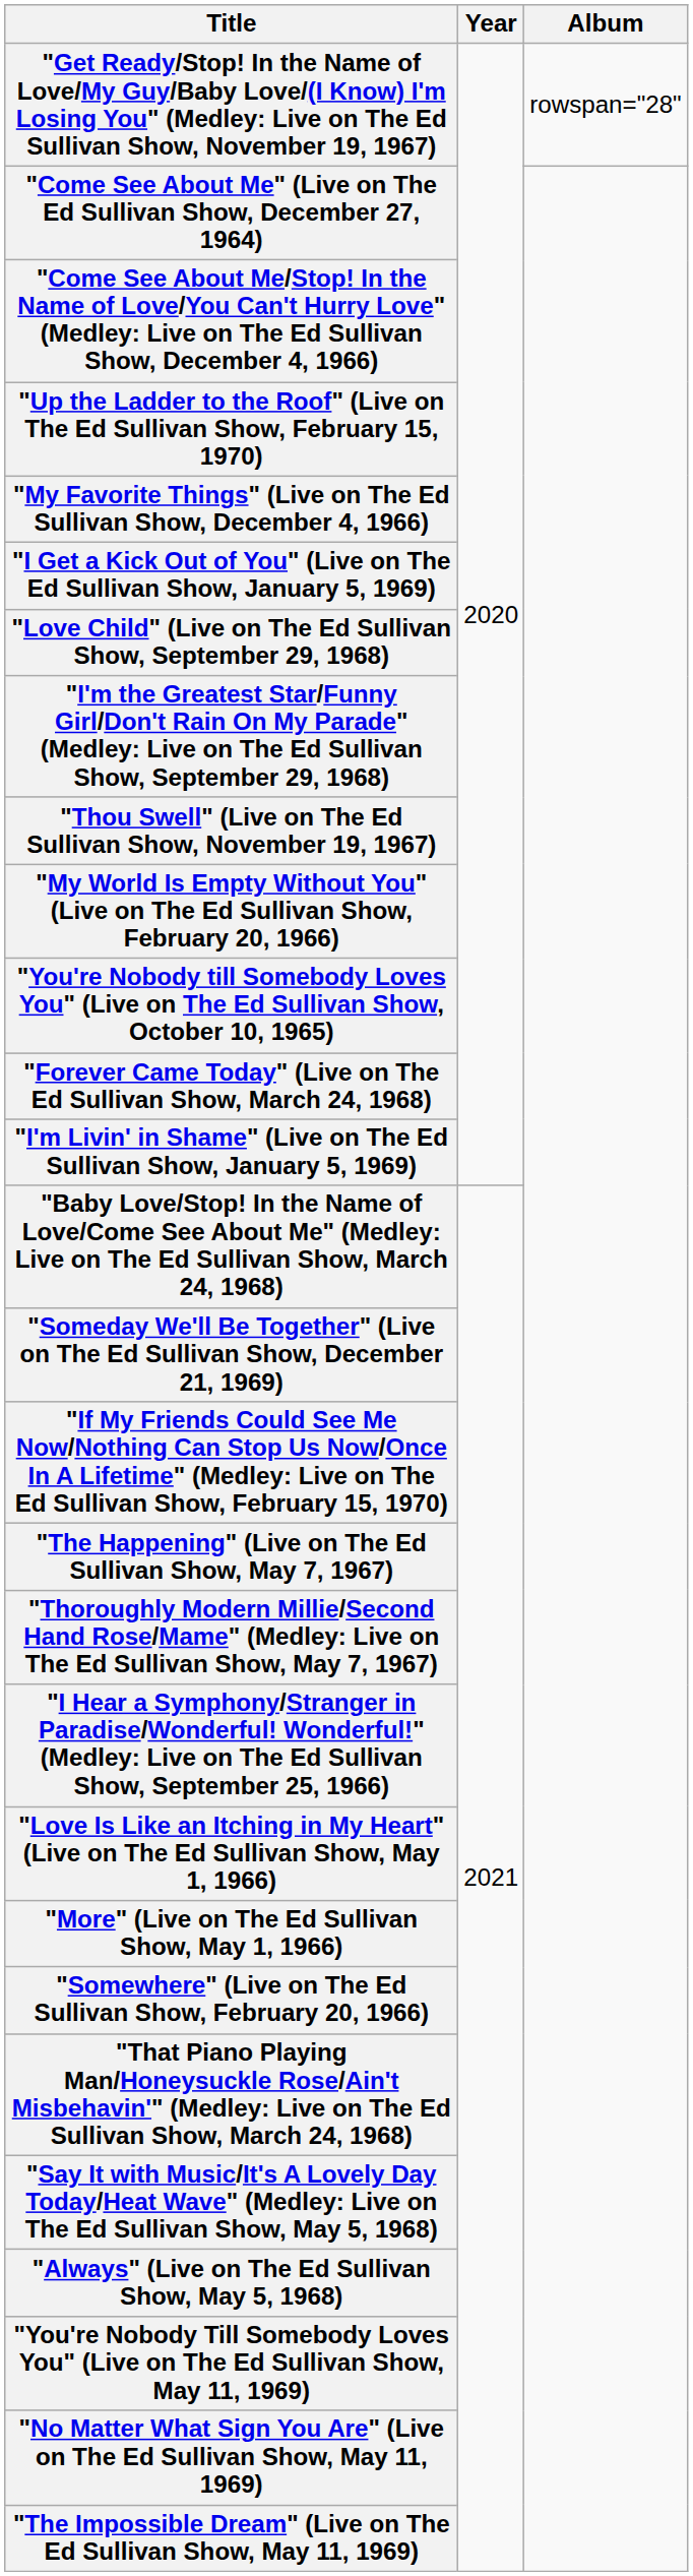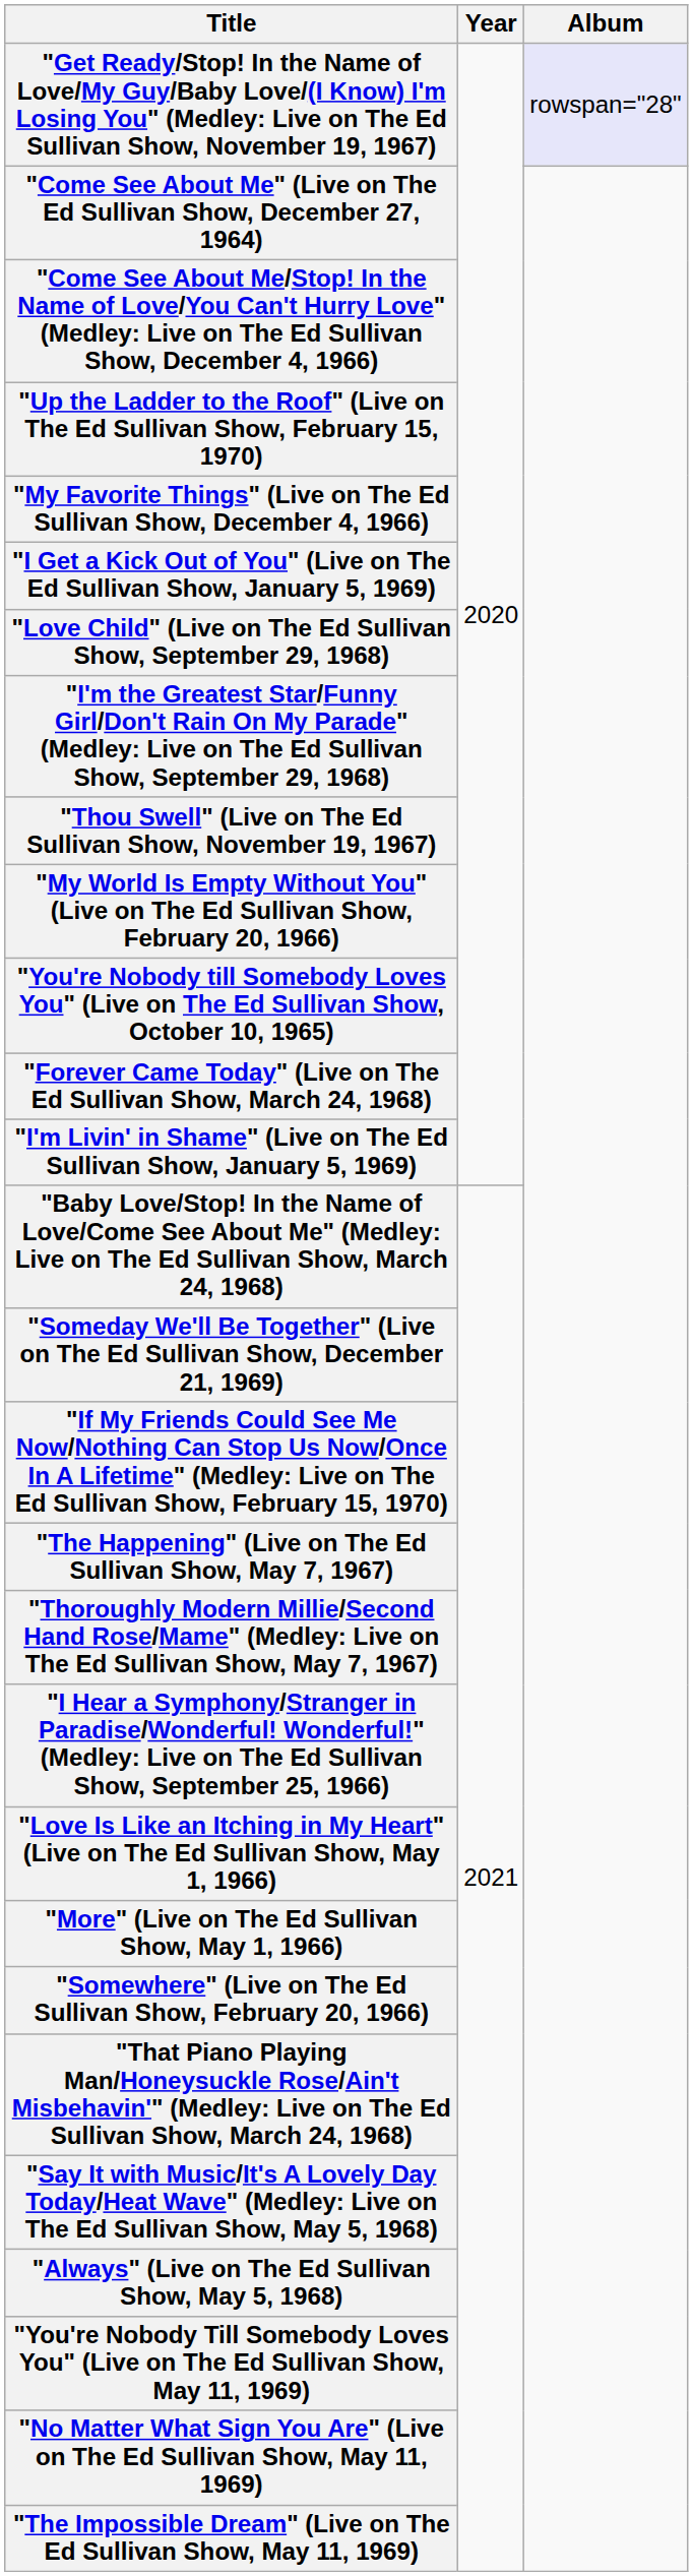 <table class="wikitable plainrowheaders" style="text-align:center;">
 <tr>
 <th scope="col" style="width:18em;">Title</th>
 <th scope="col">Year</th>
 <th scope="col">Album</th>
 </tr>
 <tr>
 <th scope="row">"<a href='#'>Get Ready</a>/Stop! In the Name of Love/<a href='#'>My Guy</a>/Baby Love/<a href='#'>(I Know) I'm Losing You</a>" (Medley: Live on The Ed Sullivan Show, November 19, 1967)</th>
 <td rowspan="13">2020</td>
-<td>rowspan="28" </td>
+<td style="background: lavender;">rowspan="28" </td>
 </tr>
 <tr>
 <th scope="row">"<a href='#'>Come See About Me</a>" (Live on The Ed Sullivan Show, December 27, 1964)</th>
 </tr>
 <tr>
 <th scope="row">"<a href='#'>Come See About Me</a>/<a href='#'>Stop! In the Name of Love</a>/<a href='#'>You Can't Hurry Love</a>" (Medley: Live on The Ed Sullivan Show, December 4, 1966)</th>
 </tr>
 <tr>
 <th scope="row">"<a href='#'>Up the Ladder to the Roof</a>" (Live on The Ed Sullivan Show, February 15, 1970)</th>
 </tr>
 <tr>
 <th scope="row">"<a href='#'>My Favorite Things</a>" (Live on The Ed Sullivan Show, December 4, 1966)</th>
 </tr>
 <tr>
 <th scope="row">"<a href='#'>I Get a Kick Out of You</a>" (Live on The Ed Sullivan Show, January 5, 1969)</th>
 </tr>
 <tr>
 <th scope="row">"<a href='#'>Love Child</a>" (Live on The Ed Sullivan Show, September 29, 1968)</th>
 </tr>
 <tr>
 <th scope="row">"<a href='#'>I'm the Greatest Star</a>/<a href='#'>Funny Girl</a>/<a href='#'>Don't Rain On My Parade</a>" (Medley: Live on The Ed Sullivan Show, September 29, 1968)</th>
 </tr>
 <tr>
 <th scope="row">"<a href='#'>Thou Swell</a>" (Live on The Ed Sullivan Show, November 19, 1967)</th>
 </tr>
 <tr>
 <th scope="row">"<a href='#'>My World Is Empty Without You</a>" (Live on The Ed Sullivan Show, February 20, 1966)</th>
 </tr>
 <tr>
 <th scope="row">"<a href='#'>You're Nobody till Somebody Loves You</a>" (Live on <a href='#'>The Ed Sullivan Show</a>, October 10, 1965)</th>
 </tr>
 <tr>
 <th scope="row">"<a href='#'>Forever Came Today</a>" (Live on The Ed Sullivan Show, March 24, 1968)</th>
 </tr>
 <tr>
 <th scope="row">"<a href='#'>I'm Livin' in Shame</a>" (Live on The Ed Sullivan Show, January 5, 1969)</th>
 </tr>
 <tr>
 <th scope="row">"Baby Love/Stop! In the Name of Love/Come See About Me" (Medley: Live on The Ed Sullivan Show, March 24, 1968)</th>
 <td rowspan="15">2021</td>
 </tr>
 <tr>
 <th scope="row">"<a href='#'>Someday We'll Be Together</a>" (Live on The Ed Sullivan Show, December 21, 1969)</th>
 </tr>
 <tr>
 <th scope="row">"<a href='#'>If My Friends Could See Me Now</a>/<a href='#'>Nothing Can Stop Us Now</a>/<a href='#'>Once In A Lifetime</a>" (Medley: Live on The Ed Sullivan Show, February 15, 1970)</th>
 </tr>
 <tr>
 <th scope="row">"<a href='#'>The Happening</a>" (Live on The Ed Sullivan Show, May 7, 1967)</th>
 </tr>
 <tr>
 <th scope="row">"<a href='#'>Thoroughly Modern Millie</a>/<a href='#'>Second Hand Rose</a>/<a href='#'>Mame</a>" (Medley: Live on The Ed Sullivan Show, May 7, 1967)</th>
 </tr>
 <tr>
 <th scope="row">"<a href='#'>I Hear a Symphony</a>/<a href='#'>Stranger in Paradise</a>/<a href='#'>Wonderful! Wonderful!</a>" (Medley: Live on The Ed Sullivan Show, September 25, 1966)</th>
 </tr>
 <tr>
 <th scope="row">"<a href='#'>Love Is Like an Itching in My Heart</a>" (Live on The Ed Sullivan Show, May 1, 1966)</th>
 </tr>
 <tr>
 <th scope="row">"<a href='#'>More</a>" (Live on The Ed Sullivan Show, May 1, 1966)</th>
 </tr>
 <tr>
 <th scope="row">"<a href='#'>Somewhere</a>" (Live on The Ed Sullivan Show, February 20, 1966)</th>
 </tr>
 <tr>
 <th scope="row">"That Piano Playing Man/<a href='#'>Honeysuckle Rose</a>/<a href='#'>Ain't Misbehavin'</a>" (Medley: Live on The Ed Sullivan Show, March 24, 1968)</th>
 </tr>
 <tr>
 <th scope="row">"<a href='#'>Say It with Music</a>/<a href='#'>It's A Lovely Day Today</a>/<a href='#'>Heat Wave</a>" (Medley: Live on The Ed Sullivan Show, May 5, 1968)</th>
 </tr>
 <tr>
 <th scope="row">"<a href='#'>Always</a>" (Live on The Ed Sullivan Show, May 5, 1968)</th>
 </tr>
 <tr>
 <th scope="row">"You're Nobody Till Somebody Loves You" (Live on The Ed Sullivan Show, May 11, 1969)</th>
 </tr>
 <tr>
 <th scope="row">"<a href='#'>No Matter What Sign You Are</a>" (Live on The Ed Sullivan Show, May 11, 1969)</th>
 </tr>
 <tr>
 <th scope="row">"<a href='#'>The Impossible Dream</a>" (Live on The Ed Sullivan Show, May 11, 1969)</th>
 </tr>
 </table>
